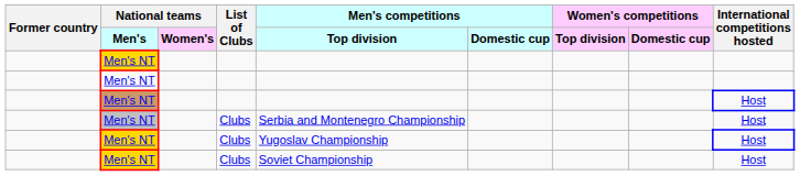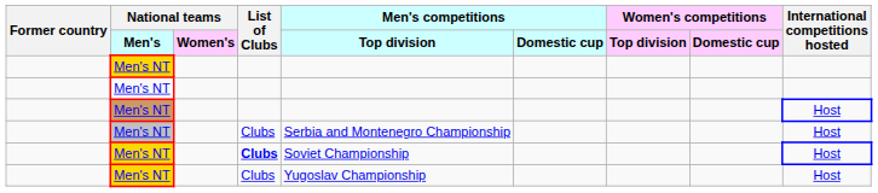 <table class="wikitable" style="text-align: left; font-size: 90%; margin-left: 1em;">
 <tr>
 <th rowspan="2">Former country</th>
 <th colspan="2">National teams</th>
 <th rowspan="2">List<br>of<br>Clubs</th>
 <th colspan="2" style="background-color: #ccffff;">Men's competitions</th>
 <th colspan="2" style="background-color: #ffccff;">Women's competitions</th>
 <th rowspan="2">International<br>competitions<br>hosted</th>
 </tr>
 <tr>
 <th style="background-color: #ccffff;">Men's</th>
 <th style="background-color: #ffccff;">Women's</th>
 <th style="background-color: #ccffff;">Top division</th>
 <th style="background-color: #ccffff;">Domestic cup</th>
 <th style="background-color: #ffccff;">Top division</th>
 <th style="background-color: #ffccff;">Domestic cup</th>
 </tr>
 <tr>
 <td></td>
 <td style="background: gold; border: 2px solid red;"><a href='#'>Men's NT</a></td>
 <td></td>
 <td></td>
 <td></td>
 <td></td>
 <td></td>
 <td></td>
 <td></td>
 </tr>
 <tr>
 <td></td>
 <td style="border: 2px solid red;"><a href='#'>Men's NT</a></td>
 <td></td>
 <td></td>
 <td></td>
 <td></td>
 <td></td>
 <td></td>
 <td></td>
 </tr>
 <tr>
 <td></td>
 <td style="border: 2px solid red; background-color: #cc9966;"><a href='#'>Men's NT</a></td>
 <td></td>
 <td></td>
 <td></td>
 <td></td>
 <td></td>
 <td></td>
 <td style="border: 2px solid blue; text-align: center;"><a href='#'>Host</a></td>
 </tr>
 <tr>
 <td></td>
 <td style="border: 2px solid red; background-color: silver;"><a href='#'>Men's NT</a></td>
 <td></td>
 <td><a href='#'>Clubs</a></td>
 <td><a href='#'>Serbia and Montenegro Championship</a></td>
 <td></td>
 <td></td>
 <td></td>
 <td style="text-align: center;"><a href='#'>Host</a></td>
 </tr>
 <tr>
 <td></td>
 <td style="border: 2px solid red; background-color: gold;"><a href='#'>Men's NT</a></td>
 <td></td>
-<td><a href='#'>Clubs</a></td>
-<td><a href='#'>Yugoslav Championship</a></td>
+<td><strong><a href='#'>Clubs</a></strong></td>
+<td><a href='#'>Soviet Championship</a></td>
 <td></td>
 <td></td>
 <td></td>
 <td style="border: 2px solid blue; text-align: center;"><a href='#'>Host</a></td>
 </tr>
 <tr>
 <td></td>
 <td style="border: 2px solid red; background-color: gold;"><a href='#'>Men's NT</a></td>
 <td></td>
 <td><a href='#'>Clubs</a></td>
-<td><a href='#'>Soviet Championship</a></td>
+<td><a href='#'>Yugoslav Championship</a></td>
 <td></td>
 <td></td>
 <td></td>
 <td style="text-align: center;"><a href='#'>Host</a></td>
 </tr>
 </table>
